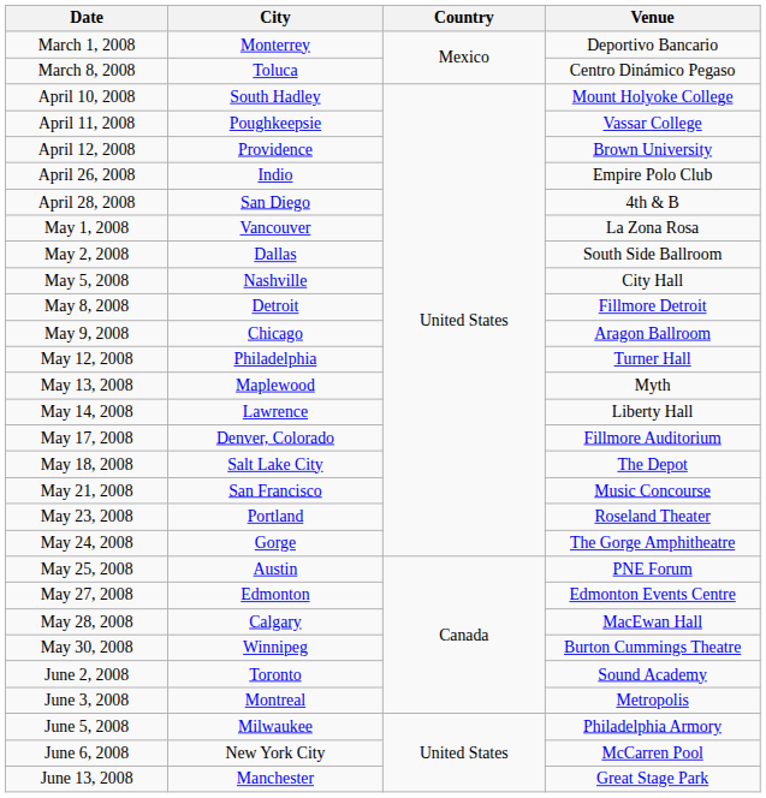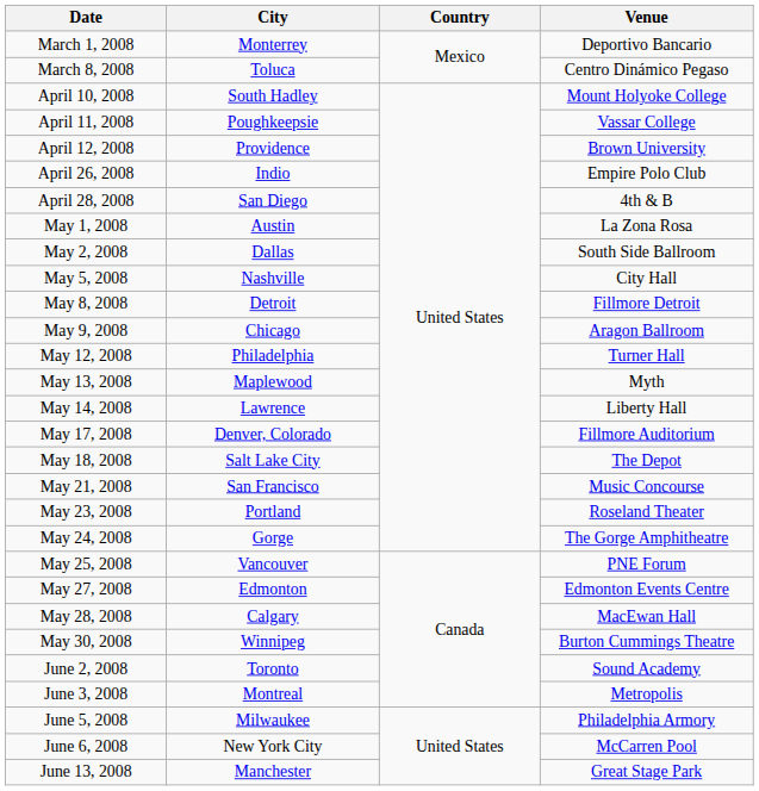 <table class="wikitable" style="text-align: center">
 <tr>
 <th style="width:150px;">Date</th>
 <th style="width:200px;">City</th>
 <th style="width:150px;">Country</th>
 <th style="width:200px;">Venue</th>
 </tr>
 <tr>
 <td>March 1, 2008</td>
 <td><a href='#'>Monterrey</a></td>
 <td rowspan="2">Mexico</td>
 <td>Deportivo Bancario</td>
 </tr>
 <tr>
 <td>March 8, 2008</td>
 <td><a href='#'>Toluca</a></td>
 <td>Centro Dinámico Pegaso</td>
 </tr>
 <tr>
 <td>April 10, 2008</td>
 <td><a href='#'>South Hadley</a></td>
 <td rowspan="18">United States</td>
 <td><a href='#'>Mount Holyoke College</a></td>
 </tr>
 <tr>
 <td>April 11, 2008</td>
 <td><a href='#'>Poughkeepsie</a></td>
 <td><a href='#'>Vassar College</a></td>
 </tr>
 <tr>
 <td>April 12, 2008</td>
 <td><a href='#'>Providence</a></td>
 <td><a href='#'>Brown University</a></td>
 </tr>
 <tr>
 <td>April 26, 2008</td>
 <td><a href='#'>Indio</a></td>
 <td>Empire Polo Club</td>
 </tr>
 <tr>
 <td>April 28, 2008</td>
 <td><a href='#'>San Diego</a></td>
 <td>4th & B</td>
 </tr>
 <tr>
 <td>May 1, 2008</td>
-<td><a href='#'>Vancouver</a></td>
+<td><a href='#'>Austin</a></td>
 <td>La Zona Rosa</td>
 </tr>
 <tr>
 <td>May 2, 2008</td>
 <td><a href='#'>Dallas</a></td>
 <td>South Side Ballroom</td>
 </tr>
 <tr>
 <td>May 5, 2008</td>
 <td><a href='#'>Nashville</a></td>
 <td>City Hall</td>
 </tr>
 <tr>
 <td>May 8, 2008</td>
 <td><a href='#'>Detroit</a></td>
 <td><a href='#'>Fillmore Detroit</a></td>
 </tr>
 <tr>
 <td>May 9, 2008</td>
 <td><a href='#'>Chicago</a></td>
 <td><a href='#'>Aragon Ballroom</a></td>
 </tr>
 <tr>
 <td>May 12, 2008</td>
 <td><a href='#'>Philadelphia</a></td>
 <td><a href='#'>Turner Hall</a></td>
 </tr>
 <tr>
 <td>May 13, 2008</td>
 <td><a href='#'>Maplewood</a></td>
 <td>Myth</td>
 </tr>
 <tr>
 <td>May 14, 2008</td>
 <td><a href='#'>Lawrence</a></td>
 <td>Liberty Hall</td>
 </tr>
 <tr>
 <td>May 17, 2008</td>
 <td><a href='#'>Denver, Colorado</a></td>
 <td><a href='#'>Fillmore Auditorium</a></td>
 </tr>
 <tr>
 <td>May 18, 2008</td>
 <td><a href='#'>Salt Lake City</a></td>
 <td><a href='#'>The Depot</a></td>
 </tr>
 <tr>
 <td>May 21, 2008</td>
 <td><a href='#'>San Francisco</a></td>
 <td><a href='#'>Music Concourse</a></td>
 </tr>
 <tr>
 <td>May 23, 2008</td>
 <td><a href='#'>Portland</a></td>
 <td><a href='#'>Roseland Theater</a></td>
 </tr>
 <tr>
 <td>May 24, 2008</td>
 <td><a href='#'>Gorge</a></td>
 <td><a href='#'>The Gorge Amphitheatre</a></td>
 </tr>
 <tr>
 <td>May 25, 2008</td>
-<td><a href='#'>Austin</a></td>
+<td><a href='#'>Vancouver</a></td>
 <td rowspan="6">Canada</td>
 <td><a href='#'>PNE Forum</a></td>
 </tr>
 <tr>
 <td>May  27, 2008</td>
 <td><a href='#'>Edmonton</a></td>
 <td><a href='#'>Edmonton Events Centre</a></td>
 </tr>
 <tr>
 <td>May 28, 2008</td>
 <td><a href='#'>Calgary</a></td>
 <td><a href='#'>MacEwan Hall</a></td>
 </tr>
 <tr>
 <td>May 30, 2008</td>
 <td><a href='#'>Winnipeg</a></td>
 <td><a href='#'>Burton Cummings Theatre</a></td>
 </tr>
 <tr>
 <td>June 2, 2008</td>
 <td><a href='#'>Toronto</a></td>
 <td><a href='#'>Sound Academy</a></td>
 </tr>
 <tr>
 <td>June 3, 2008</td>
 <td><a href='#'>Montreal</a></td>
 <td><a href='#'>Metropolis</a></td>
 </tr>
 <tr>
 <td>June 5, 2008</td>
 <td><a href='#'>Milwaukee</a></td>
 <td rowspan="3">United States</td>
 <td><a href='#'>Philadelphia Armory</a></td>
 </tr>
 <tr>
 <td>June 6, 2008</td>
 <td>New York City</td>
 <td><a href='#'>McCarren Pool</a></td>
 </tr>
 <tr>
 <td>June 13, 2008</td>
 <td><a href='#'>Manchester</a></td>
 <td><a href='#'>Great Stage Park</a></td>
 </tr>
 </table>
